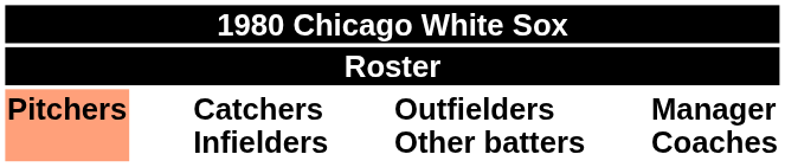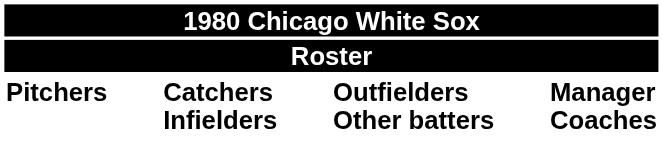 <table class="toccolours" style="font-size: 95%;">
 <tr>
 <th colspan="10" style="background-color: black; color: white; text-align: center;">1980 Chicago White Sox</th>
 </tr>
 <tr>
 <td colspan="10" style="background-color: black; color: white; text-align: center;"><strong>Roster</strong></td>
 </tr>
 <tr>
-<td valign="top" style="background: lightsalmon;"><strong>Pitchers</strong><br>             </td>
+<td valign="top"><strong>Pitchers</strong><br>             </td>
 <td width="25px"></td>
 <td valign="top"><strong>Catchers</strong><br>    <strong>Infielders</strong>          </td>
 <td width="25px"></td>
 <td valign="top"><strong>Outfielders</strong><br>          <strong>Other batters</strong> </td>
 <td width="25px"></td>
 <td valign="top"><strong>Manager</strong><br> <strong>Coaches</strong>    </td>
 </tr>
 </table>
